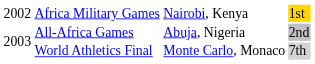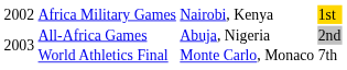 <table>
 <tr>
 <td>2002</td>
 <td><a href='#'>Africa Military Games</a></td>
 <td><a href='#'>Nairobi</a>, Kenya</td>
 <td bgcolor="gold">1st</td>
 <td></td>
 </tr>
 <tr>
 <td rowspan=2>2003</td>
 <td><a href='#'>All-Africa Games</a></td>
 <td><a href='#'>Abuja</a>, Nigeria</td>
 <td bgcolor="silver">2nd</td>
 <td></td>
 </tr>
 <tr>
 <td><a href='#'>World Athletics Final</a></td>
 <td><a href='#'>Monte Carlo</a>, Monaco</td>
-<td style="background: lightgrey;">7th</td>
+<td>7th</td>
 <td></td>
 </tr>
 </table>
